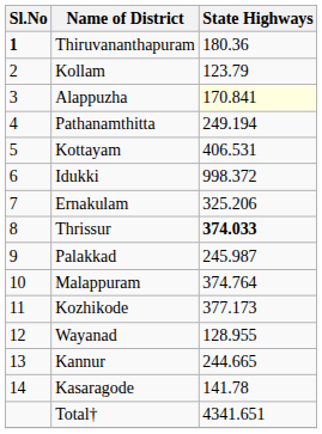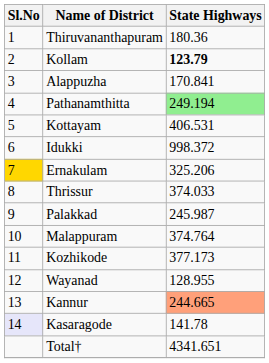 <table class="wikitable sortable">
 <tr>
 <th>Sl.No</th>
 <th>Name of District</th>
 <th>State Highways</th>
 </tr>
 <tr --->
-<td><strong>1</strong></td>
+<td>1</td>
 <td>Thiruvananthapuram</td>
 <td>180.36</td>
 </tr>
 <tr --->
 <td>2</td>
 <td>Kollam</td>
-<td>123.79</td>
+<td><strong>123.79</strong></td>
 </tr>
 <tr --->
 <td>3</td>
 <td>Alappuzha</td>
-<td style="background: lightyellow;">170.841</td>
+<td>170.841</td>
 </tr>
 <tr --->
 <td>4</td>
 <td>Pathanamthitta</td>
-<td>249.194</td>
+<td style="background: lightgreen;">249.194</td>
 </tr>
 <tr --->
 <td>5</td>
 <td>Kottayam</td>
 <td>406.531</td>
 </tr>
 <tr --->
 <td>6</td>
 <td>Idukki</td>
 <td>998.372</td>
 </tr>
 <tr --->
-<td>7</td>
+<td style="background: gold;">7</td>
 <td>Ernakulam</td>
 <td>325.206</td>
 </tr>
 <tr --->
 <td>8</td>
 <td>Thrissur</td>
-<td><strong>374.033</strong></td>
+<td>374.033</td>
 </tr>
 <tr --->
 <td>9</td>
 <td>Palakkad</td>
 <td>245.987</td>
 </tr>
 <tr --->
 <td>10</td>
 <td>Malappuram</td>
 <td>374.764</td>
 </tr>
 <tr --->
 <td>11</td>
 <td>Kozhikode</td>
 <td>377.173</td>
 </tr>
 <tr --->
 <td>12</td>
 <td>Wayanad</td>
 <td>128.955</td>
 </tr>
 <tr --->
 <td>13</td>
 <td>Kannur</td>
-<td>244.665</td>
+<td style="background: lightsalmon;">244.665</td>
 </tr>
 <tr --->
-<td>14</td>
+<td style="background: lavender;">14</td>
 <td>Kasaragode</td>
 <td>141.78</td>
 </tr>
 <tr --->
 <td></td>
 <td>Total†</td>
 <td>4341.651</td>
 </tr>
 <tr --->
 </tr>
 </table>
